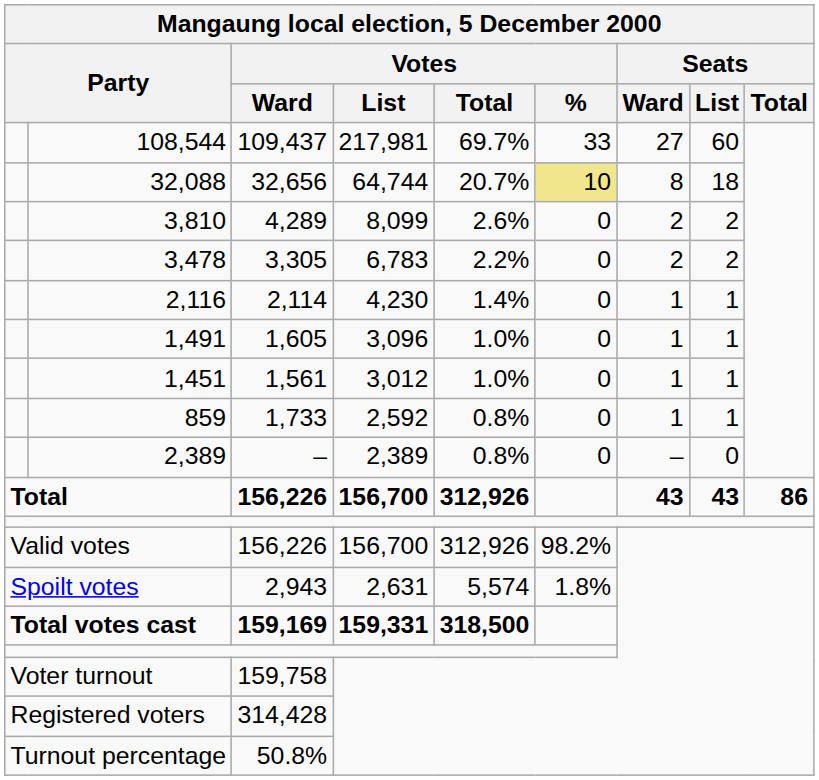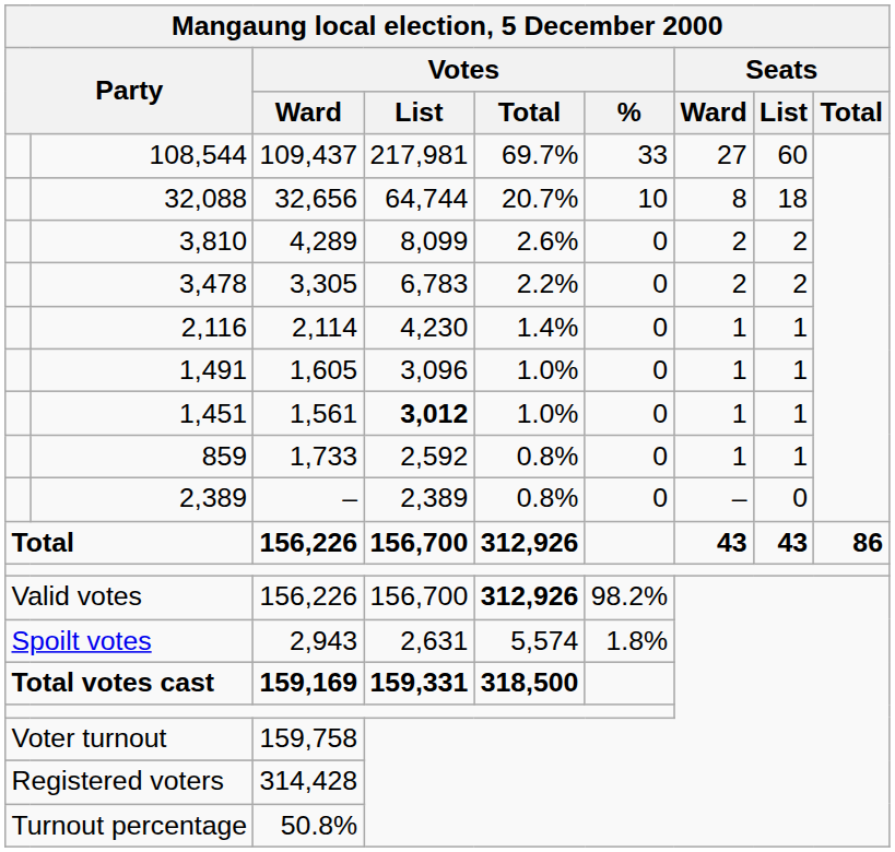 <table class=wikitable style="text-align:right">
 <tr>
 <th colspan="9" align="center">Mangaung local election, 5 December 2000</th>
 </tr>
 <tr>
 <th rowspan="2" colspan="2">Party</th>
 <th colspan="4" align="center">Votes</th>
 <th colspan="3" align="center">Seats</th>
 </tr>
 <tr>
 <th>Ward</th>
 <th>List</th>
 <th>Total</th>
 <th>%</th>
 <th>Ward</th>
 <th>List</th>
 <th>Total</th>
 </tr>
 <tr>
 <td></td>
 <td>108,544</td>
 <td>109,437</td>
 <td>217,981</td>
 <td>69.7%</td>
 <td>33</td>
 <td>27</td>
 <td>60</td>
 </tr>
 <tr>
 <td></td>
 <td>32,088</td>
 <td>32,656</td>
 <td>64,744</td>
 <td>20.7%</td>
-<td style="background: khaki;">10</td>
+<td>10</td>
 <td>8</td>
 <td>18</td>
 </tr>
 <tr>
 <td></td>
 <td>3,810</td>
 <td>4,289</td>
 <td>8,099</td>
 <td>2.6%</td>
 <td>0</td>
 <td>2</td>
 <td>2</td>
 </tr>
 <tr>
 <td></td>
 <td>3,478</td>
 <td>3,305</td>
 <td>6,783</td>
 <td>2.2%</td>
 <td>0</td>
 <td>2</td>
 <td>2</td>
 </tr>
 <tr>
 <td></td>
 <td>2,116</td>
 <td>2,114</td>
 <td>4,230</td>
 <td>1.4%</td>
 <td>0</td>
 <td>1</td>
 <td>1</td>
 </tr>
 <tr>
 <td></td>
 <td>1,491</td>
 <td>1,605</td>
 <td>3,096</td>
 <td>1.0%</td>
 <td>0</td>
 <td>1</td>
 <td>1</td>
 </tr>
 <tr>
 <td></td>
 <td>1,451</td>
 <td>1,561</td>
-<td>3,012</td>
+<td><strong>3,012</strong></td>
 <td>1.0%</td>
 <td>0</td>
 <td>1</td>
 <td>1</td>
 </tr>
 <tr>
 <td></td>
 <td>859</td>
 <td>1,733</td>
 <td>2,592</td>
 <td>0.8%</td>
 <td>0</td>
 <td>1</td>
 <td>1</td>
 </tr>
 <tr>
 <td></td>
 <td>2,389</td>
 <td>–</td>
 <td>2,389</td>
 <td>0.8%</td>
 <td>0</td>
 <td>–</td>
 <td>0</td>
 </tr>
 <tr>
 <td colspan="2" style="text-align:left"><strong>Total</strong></td>
 <td><strong>156,226</strong></td>
 <td><strong>156,700</strong></td>
 <td><strong>312,926</strong></td>
 <td></td>
 <td><strong>43</strong></td>
 <td><strong>43</strong></td>
 <td><strong>86</strong></td>
 </tr>
 <tr>
 <td colspan="9"></td>
 </tr>
 <tr>
 <td colspan="2" style="text-align:left">Valid votes</td>
 <td>156,226</td>
 <td>156,700</td>
-<td>312,926</td>
+<td><strong>312,926</strong></td>
 <td>98.2%</td>
 </tr>
 <tr>
 <td colspan="2" style="text-align:left"><a href='#'>Spoilt votes</a></td>
 <td>2,943</td>
 <td>2,631</td>
 <td>5,574</td>
 <td>1.8%</td>
 </tr>
 <tr>
 <td colspan="2" style="text-align:left"><strong>Total votes cast</strong></td>
 <td><strong>159,169</strong></td>
 <td><strong>159,331</strong></td>
 <td><strong>318,500</strong></td>
 <td></td>
 </tr>
 <tr>
 <td colspan="6"></td>
 </tr>
 <tr>
 <td colspan="2" style="text-align:left">Voter turnout</td>
 <td>159,758</td>
 </tr>
 <tr>
 <td colspan="2" style="text-align:left">Registered voters</td>
 <td>314,428</td>
 </tr>
 <tr>
 <td colspan="2" style="text-align:left">Turnout percentage</td>
 <td>50.8%</td>
 </tr>
 </table>
